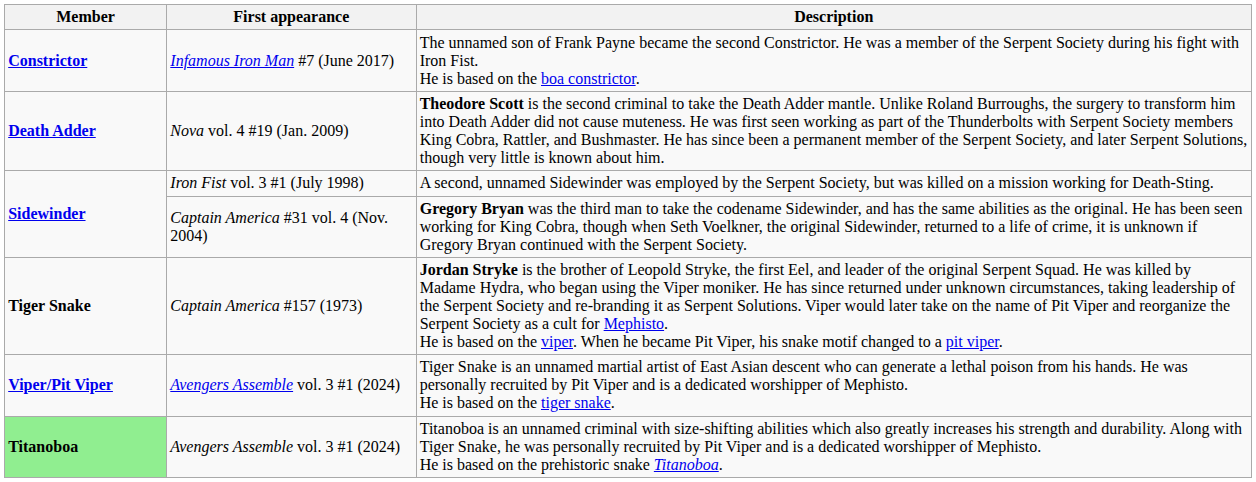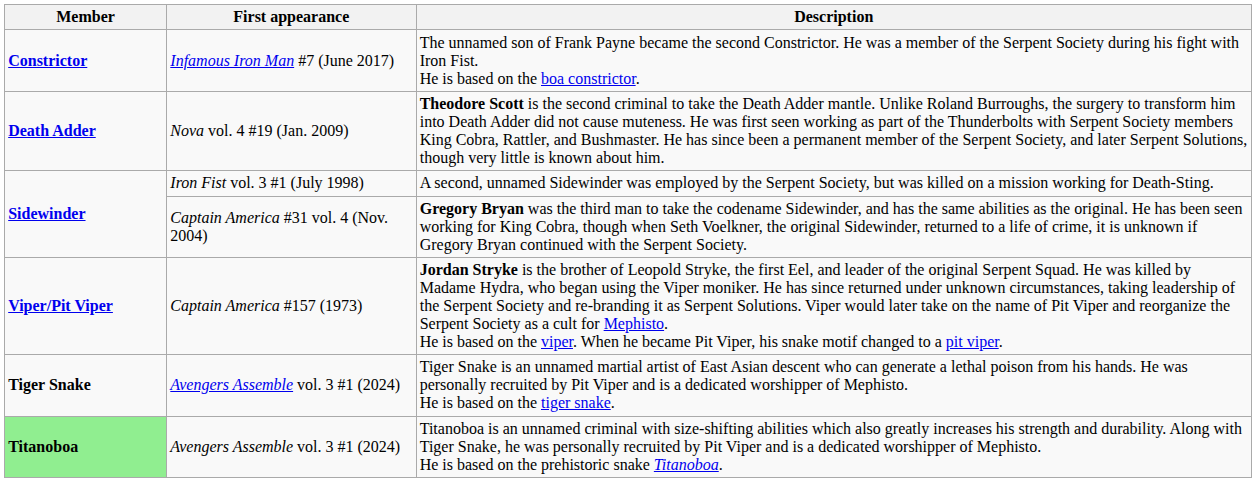 <table class="wikitable">
 <tr>
 <th width="13%">Member</th>
 <th width="20%">First appearance</th>
 <th width="67%">Description</th>
 </tr>
 <tr>
 <td><strong><a href='#'>Constrictor</a></strong></td>
 <td><em><a href='#'>Infamous Iron Man</a></em> #7 (June 2017)</td>
 <td>The unnamed son of Frank Payne became the second Constrictor. He was a member of the Serpent Society during his fight with Iron Fist.<br>He is based on the <a href='#'>boa constrictor</a>.</td>
 </tr>
 <tr>
 <td><strong><a href='#'>Death Adder</a></strong></td>
 <td><em>Nova</em> vol. 4 #19 (Jan. 2009)</td>
 <td><strong>Theodore Scott</strong> is the second criminal to take the Death Adder mantle. Unlike Roland Burroughs, the surgery to transform him into Death Adder did not cause muteness. He was first seen working as part of the Thunderbolts with Serpent Society members King Cobra, Rattler, and Bushmaster. He has since been a permanent member of the Serpent Society, and later Serpent Solutions, though very little is known about him.</td>
 </tr>
 <tr>
 <td rowspan=2><strong><a href='#'>Sidewinder</a></strong></td>
 <td><em>Iron Fist</em> vol. 3 #1 (July 1998)</td>
 <td>A second, unnamed Sidewinder was employed by the Serpent Society, but was killed on a mission working for Death-Sting.</td>
 </tr>
 <tr>
 <td><em>Captain America</em> #31 vol. 4 (Nov. 2004)</td>
 <td><strong>Gregory Bryan</strong> was the third man to take the codename Sidewinder, and has the same abilities as the original. He has been seen working for King Cobra, though when Seth Voelkner, the original Sidewinder, returned to a life of crime, it is unknown if Gregory Bryan continued with the Serpent Society.</td>
 </tr>
 <tr>
-<td><strong>Tiger Snake</strong></td>
+<td><strong><a href='#'>Viper/Pit Viper</a></strong></td>
 <td><em>Captain America</em> #157 (1973)</td>
 <td><strong>Jordan Stryke</strong> is the brother of Leopold Stryke, the first Eel, and leader of the original Serpent Squad. He was killed by Madame Hydra, who began using the Viper moniker. He has since returned under unknown circumstances, taking leadership of the Serpent Society and re-branding it as Serpent Solutions. Viper would later take on the name of Pit Viper and reorganize the Serpent Society as a cult for <a href='#'>Mephisto</a>.<br>He is based on the <a href='#'>viper</a>. When he became Pit Viper, his snake motif changed to a <a href='#'>pit viper</a>.</td>
 </tr>
 <tr>
-<td><strong><a href='#'>Viper/Pit Viper</a></strong></td>
+<td><strong>Tiger Snake</strong></td>
 <td><em><a href='#'>Avengers Assemble</a></em> vol. 3 #1 (2024)</td>
 <td>Tiger Snake is an unnamed martial artist of East Asian descent who can generate a lethal poison from his hands. He was personally recruited by Pit Viper and is a dedicated worshipper of Mephisto.<br>He is based on the <a href='#'>tiger snake</a>.</td>
 </tr>
 <tr>
 <td style="background: lightgreen;"><strong>Titanoboa</strong></td>
 <td><em>Avengers Assemble</em> vol. 3 #1 (2024)</td>
 <td>Titanoboa is an unnamed criminal with size-shifting abilities which also greatly increases his strength and durability. Along with Tiger Snake, he was personally recruited by Pit Viper and is a dedicated worshipper of Mephisto.<br>He is based on the prehistoric snake <em><a href='#'>Titanoboa</a></em>.</td>
 </tr>
 </table>
